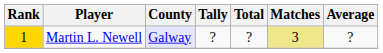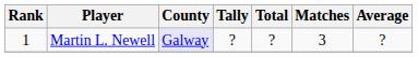 <table class="wikitable">
 <tr>
 <th>Rank</th>
 <th>Player</th>
 <th>County</th>
 <th>Tally</th>
 <th>Total</th>
 <th>Matches</th>
 <th>Average</th>
 </tr>
 <tr>
-<td rowspan=1 align=center style="background: gold;">1</td>
+<td rowspan=1 align=center>1</td>
 <td><a href='#'>Martin L. Newell</a></td>
 <td style="background: lavender;"><a href='#'>Galway</a></td>
 <td align=center>?</td>
 <td align=center>?</td>
-<td align=center style="background: khaki;">3</td>
+<td align=center>3</td>
 <td align=center>?</td>
 </tr>
 <tr>
 </tr>
 </table>
